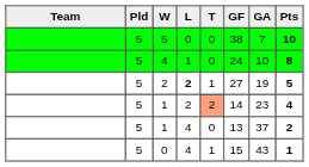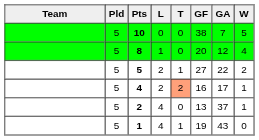 <table border=1 cellpadding=5 cellspacing=0>
 <tr>
 <th bgcolor="#efefef" width="150">Team</th>
 <th bgcolor="#efefef" width="20">Pld</th>
-<th bgcolor="#efefef" width="20">W</th>
+<th bgcolor="#efefef" width="20">Pts</th>
 <th bgcolor="#efefef" width="20">L</th>
 <th bgcolor="#efefef" width="20">T</th>
 <th bgcolor="#efefef" width="20">GF</th>
 <th bgcolor="#efefef" width="20">GA</th>
-<th bgcolor="#efefef" width="20">Pts</th>
+<th bgcolor="#efefef" width="20">W</th>
 </tr>
 <tr align=center bgcolor="lime">
 <td align=left></td>
 <td>5</td>
-<td>5</td>
+<td><strong>10</strong></td>
 <td>0</td>
 <td>0</td>
 <td>38</td>
 <td>7</td>
-<td><strong>10</strong></td>
+<td>5</td>
 </tr>
 <tr align=center bgcolor="lime">
 <td align=left></td>
 <td>5</td>
-<td>4</td>
+<td><strong>8</strong></td>
 <td>1</td>
 <td>0</td>
-<td>24</td>
-<td>10</td>
-<td><strong>8</strong></td>
+<td>20</td>
+<td>12</td>
+<td>4</td>
 </tr>
 <tr align=center>
 <td align=left></td>
 <td>5</td>
+<td><strong>5</strong></td>
 <td>2</td>
-<td><strong>2</strong></td>
 <td>1</td>
 <td>27</td>
-<td>19</td>
-<td><strong>5</strong></td>
+<td>22</td>
+<td>2</td>
 </tr>
 <tr align=center>
 <td align=left></td>
 <td>5</td>
-<td>1</td>
+<td><strong>4</strong></td>
 <td>2</td>
 <td style="background: lightsalmon;">2</td>
-<td>14</td>
-<td>23</td>
-<td><strong>4</strong></td>
+<td>16</td>
+<td>17</td>
+<td>1</td>
 </tr>
 <tr align=center>
 <td align=left></td>
 <td>5</td>
-<td>1</td>
+<td><strong>2</strong></td>
 <td>4</td>
 <td>0</td>
 <td>13</td>
 <td>37</td>
-<td><strong>2</strong></td>
+<td>1</td>
 </tr>
 <tr align=center>
 <td align=left></td>
 <td>5</td>
-<td>0</td>
+<td><strong>1</strong></td>
 <td>4</td>
 <td>1</td>
-<td>15</td>
+<td>19</td>
 <td>43</td>
-<td><strong>1</strong></td>
+<td>0</td>
 </tr>
 </table>
